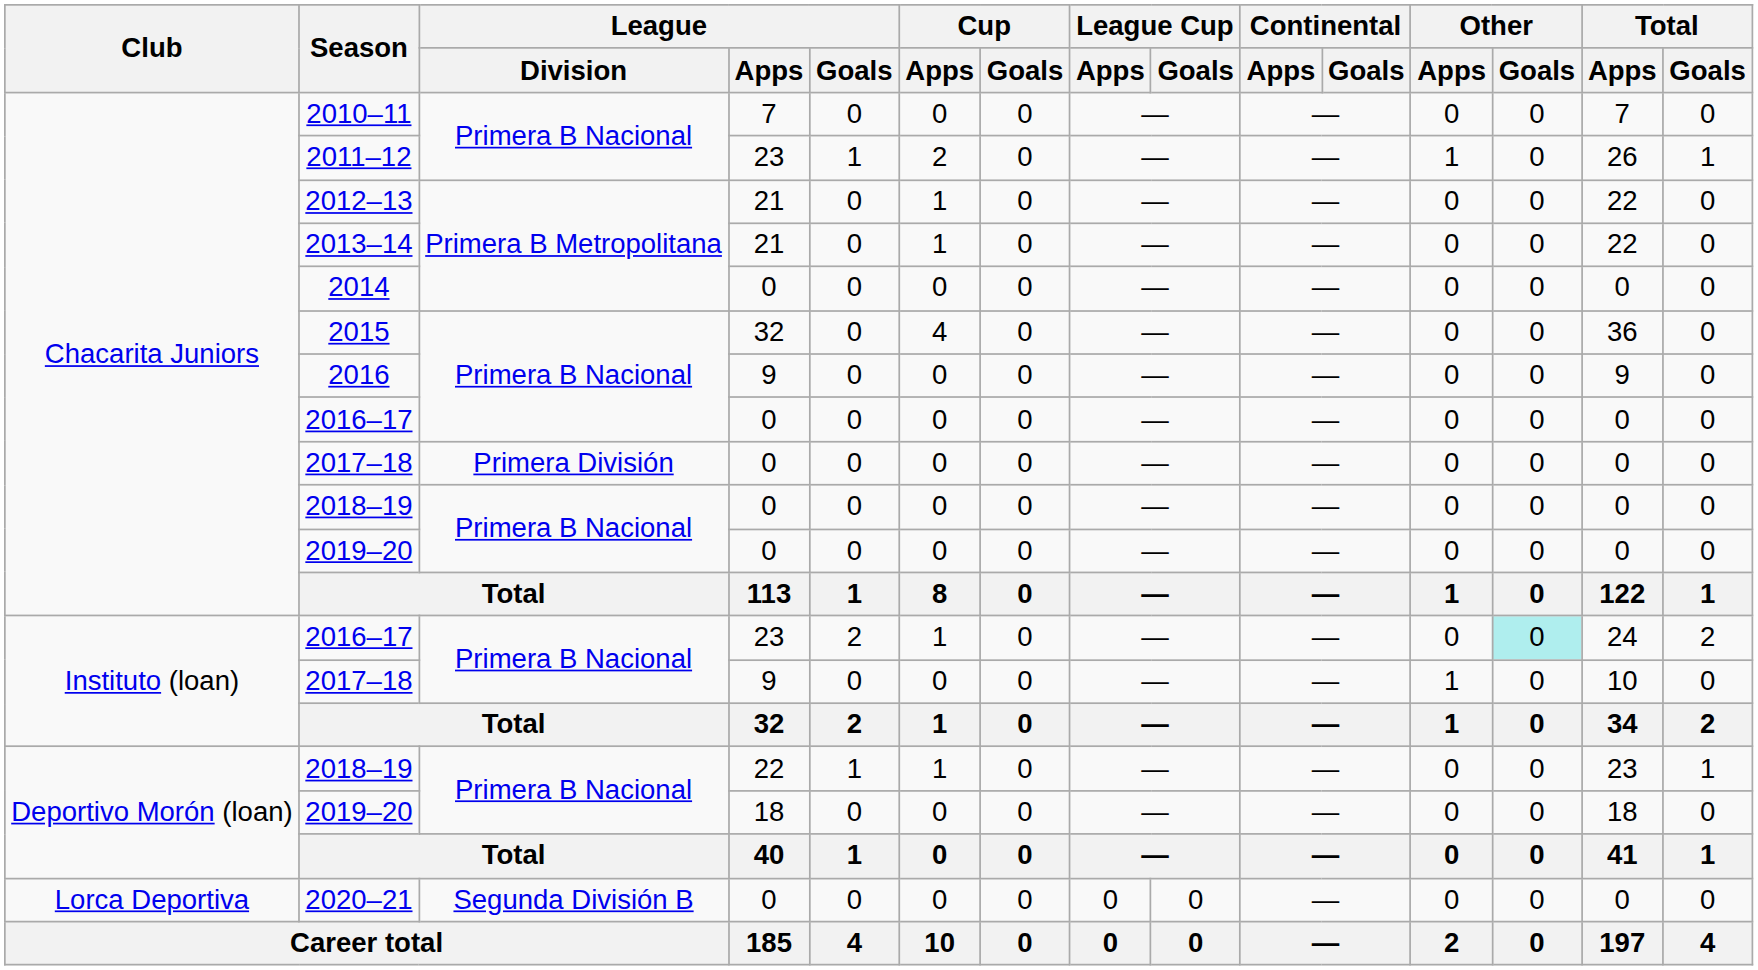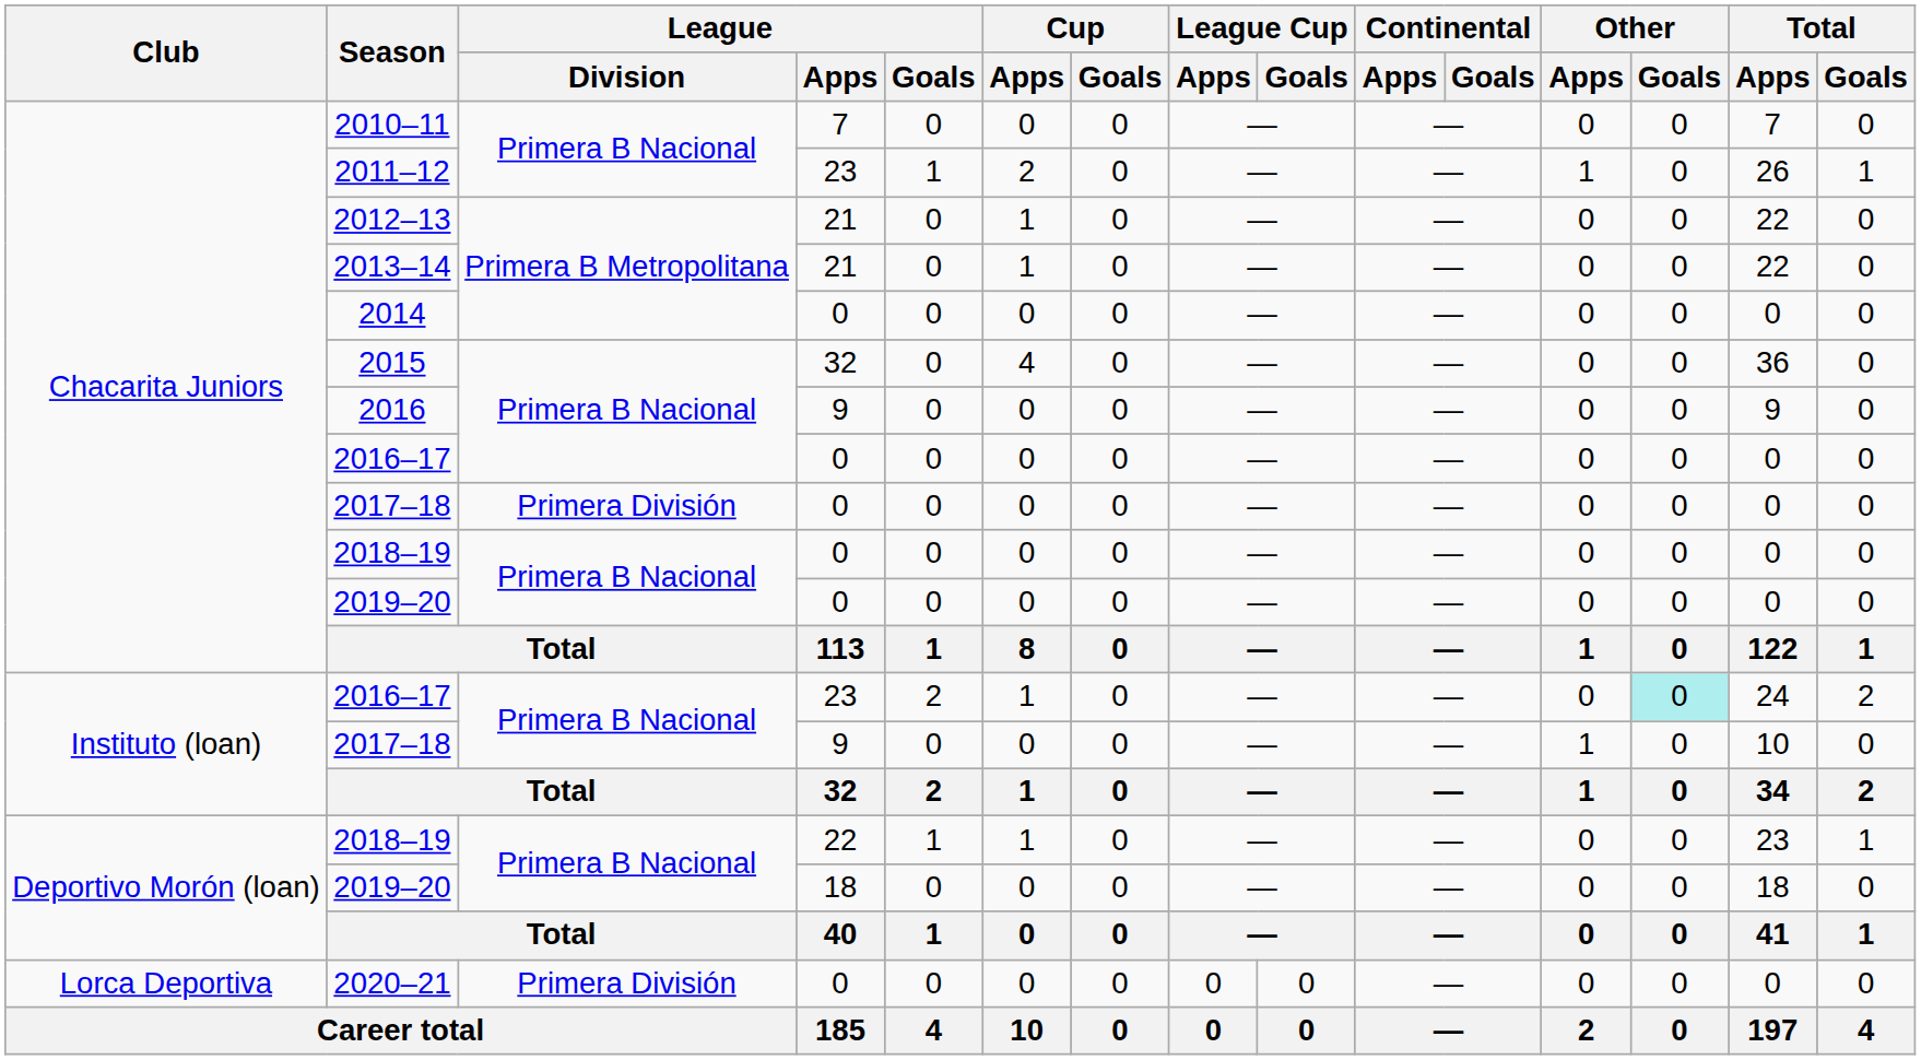 <table class="wikitable" style="text-align:center">
 <tr>
 <th rowspan="2">Club</th>
 <th rowspan="2">Season</th>
 <th colspan="3">League</th>
 <th colspan="2">Cup</th>
 <th colspan="2">League Cup</th>
 <th colspan="2">Continental</th>
 <th colspan="2">Other</th>
 <th colspan="2">Total</th>
 </tr>
 <tr>
 <th>Division</th>
 <th>Apps</th>
 <th>Goals</th>
 <th>Apps</th>
 <th>Goals</th>
 <th>Apps</th>
 <th>Goals</th>
 <th>Apps</th>
 <th>Goals</th>
 <th>Apps</th>
 <th>Goals</th>
 <th>Apps</th>
 <th>Goals</th>
 </tr>
 <tr>
 <td rowspan="12"><a href='#'>Chacarita Juniors</a></td>
 <td><a href='#'>2010–11</a></td>
 <td rowspan="2"><a href='#'>Primera B Nacional</a></td>
 <td>7</td>
 <td>0</td>
 <td>0</td>
 <td>0</td>
 <td colspan="2">—</td>
 <td colspan="2">—</td>
 <td>0</td>
 <td>0</td>
 <td>7</td>
 <td>0</td>
 </tr>
 <tr>
 <td><a href='#'>2011–12</a></td>
 <td>23</td>
 <td>1</td>
 <td>2</td>
 <td>0</td>
 <td colspan="2">—</td>
 <td colspan="2">—</td>
 <td>1</td>
 <td>0</td>
 <td>26</td>
 <td>1</td>
 </tr>
 <tr>
 <td><a href='#'>2012–13</a></td>
 <td rowspan="3"><a href='#'>Primera B Metropolitana</a></td>
 <td>21</td>
 <td>0</td>
 <td>1</td>
 <td>0</td>
 <td colspan="2">—</td>
 <td colspan="2">—</td>
 <td>0</td>
 <td>0</td>
 <td>22</td>
 <td>0</td>
 </tr>
 <tr>
 <td><a href='#'>2013–14</a></td>
 <td>21</td>
 <td>0</td>
 <td>1</td>
 <td>0</td>
 <td colspan="2">—</td>
 <td colspan="2">—</td>
 <td>0</td>
 <td>0</td>
 <td>22</td>
 <td>0</td>
 </tr>
 <tr>
 <td><a href='#'>2014</a></td>
 <td>0</td>
 <td>0</td>
 <td>0</td>
 <td>0</td>
 <td colspan="2">—</td>
 <td colspan="2">—</td>
 <td>0</td>
 <td>0</td>
 <td>0</td>
 <td>0</td>
 </tr>
 <tr>
 <td><a href='#'>2015</a></td>
 <td rowspan="3"><a href='#'>Primera B Nacional</a></td>
 <td>32</td>
 <td>0</td>
 <td>4</td>
 <td>0</td>
 <td colspan="2">—</td>
 <td colspan="2">—</td>
 <td>0</td>
 <td>0</td>
 <td>36</td>
 <td>0</td>
 </tr>
 <tr>
 <td><a href='#'>2016</a></td>
 <td>9</td>
 <td>0</td>
 <td>0</td>
 <td>0</td>
 <td colspan="2">—</td>
 <td colspan="2">—</td>
 <td>0</td>
 <td>0</td>
 <td>9</td>
 <td>0</td>
 </tr>
 <tr>
 <td><a href='#'>2016–17</a></td>
 <td>0</td>
 <td>0</td>
 <td>0</td>
 <td>0</td>
 <td colspan="2">—</td>
 <td colspan="2">—</td>
 <td>0</td>
 <td>0</td>
 <td>0</td>
 <td>0</td>
 </tr>
 <tr>
 <td><a href='#'>2017–18</a></td>
 <td rowspan="1"><a href='#'>Primera División</a></td>
 <td>0</td>
 <td>0</td>
 <td>0</td>
 <td>0</td>
 <td colspan="2">—</td>
 <td colspan="2">—</td>
 <td>0</td>
 <td>0</td>
 <td>0</td>
 <td>0</td>
 </tr>
 <tr>
 <td><a href='#'>2018–19</a></td>
 <td rowspan="2"><a href='#'>Primera B Nacional</a></td>
 <td>0</td>
 <td>0</td>
 <td>0</td>
 <td>0</td>
 <td colspan="2">—</td>
 <td colspan="2">—</td>
 <td>0</td>
 <td>0</td>
 <td>0</td>
 <td>0</td>
 </tr>
 <tr>
 <td><a href='#'>2019–20</a></td>
 <td>0</td>
 <td>0</td>
 <td>0</td>
 <td>0</td>
 <td colspan="2">—</td>
 <td colspan="2">—</td>
 <td>0</td>
 <td>0</td>
 <td>0</td>
 <td>0</td>
 </tr>
 <tr>
 <th colspan="2">Total</th>
 <th>113</th>
 <th>1</th>
 <th>8</th>
 <th>0</th>
 <th colspan="2">—</th>
 <th colspan="2">—</th>
 <th>1</th>
 <th>0</th>
 <th>122</th>
 <th>1</th>
 </tr>
 <tr>
 <td rowspan="3"><a href='#'>Instituto</a> (loan)</td>
 <td><a href='#'>2016–17</a></td>
 <td rowspan="2"><a href='#'>Primera B Nacional</a></td>
 <td>23</td>
 <td>2</td>
 <td>1</td>
 <td>0</td>
 <td colspan="2">—</td>
 <td colspan="2">—</td>
 <td>0</td>
 <td style="background: paleturquoise;">0</td>
 <td>24</td>
 <td>2</td>
 </tr>
 <tr>
 <td><a href='#'>2017–18</a></td>
 <td>9</td>
 <td>0</td>
 <td>0</td>
 <td>0</td>
 <td colspan="2">—</td>
 <td colspan="2">—</td>
 <td>1</td>
 <td>0</td>
 <td>10</td>
 <td>0</td>
 </tr>
 <tr>
 <th colspan="2">Total</th>
 <th>32</th>
 <th>2</th>
 <th>1</th>
 <th>0</th>
 <th colspan="2">—</th>
 <th colspan="2">—</th>
 <th>1</th>
 <th>0</th>
 <th>34</th>
 <th>2</th>
 </tr>
 <tr>
 <td rowspan="3"><a href='#'>Deportivo Morón</a> (loan)</td>
 <td><a href='#'>2018–19</a></td>
 <td rowspan="2"><a href='#'>Primera B Nacional</a></td>
 <td>22</td>
 <td>1</td>
 <td>1</td>
 <td>0</td>
 <td colspan="2">—</td>
 <td colspan="2">—</td>
 <td>0</td>
 <td>0</td>
 <td>23</td>
 <td>1</td>
 </tr>
 <tr>
 <td><a href='#'>2019–20</a></td>
 <td>18</td>
 <td>0</td>
 <td>0</td>
 <td>0</td>
 <td colspan="2">—</td>
 <td colspan="2">—</td>
 <td>0</td>
 <td>0</td>
 <td>18</td>
 <td>0</td>
 </tr>
 <tr>
 <th colspan="2">Total</th>
 <th>40</th>
 <th>1</th>
 <th>0</th>
 <th>0</th>
 <th colspan="2">—</th>
 <th colspan="2">—</th>
 <th>0</th>
 <th>0</th>
 <th>41</th>
 <th>1</th>
 </tr>
 <tr>
 <td rowspan="1"><a href='#'>Lorca Deportiva</a></td>
 <td><a href='#'>2020–21</a></td>
-<td rowspan="1"><a href='#'>Segunda División B</a></td>
+<td rowspan="1"><a href='#'>Primera División</a></td>
 <td>0</td>
 <td>0</td>
 <td>0</td>
 <td>0</td>
 <td>0</td>
 <td>0</td>
 <td colspan="2">—</td>
 <td>0</td>
 <td>0</td>
 <td>0</td>
 <td>0</td>
 </tr>
 <tr>
 <th colspan="3">Career total</th>
 <th>185</th>
 <th>4</th>
 <th>10</th>
 <th>0</th>
 <th>0</th>
 <th>0</th>
 <th colspan="2">—</th>
 <th>2</th>
 <th>0</th>
 <th>197</th>
 <th>4</th>
 </tr>
 </table>
